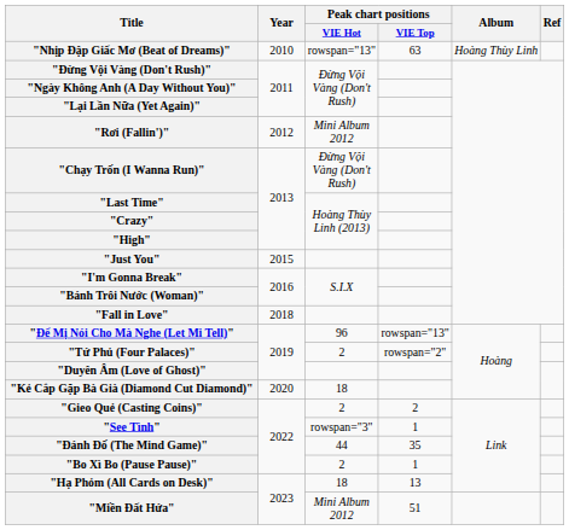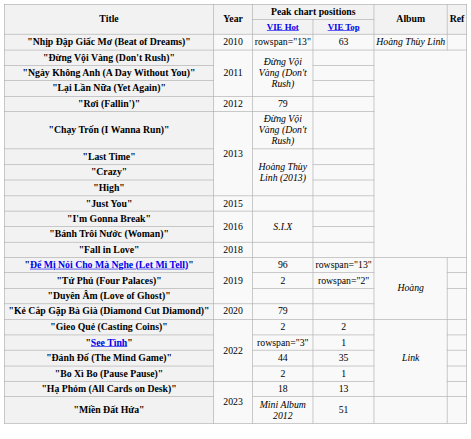 <table class="wikitable plainrowheaders" border="1" style="text-align:center;">
 <tr>
 <th scope="col" style="width:21em;" rowspan="2">Title</th>
 <th scope="col" style="width:3.5em;" rowspan="2">Year</th>
 <th colspan="2”">Peak chart positions</th>
 <th rowspan="2">Album</th>
 <th scope="col" class="unsortable" rowspan="2">Ref</th>
 </tr>
 <tr>
 <th style="width:3em;font-size:90%;"><a href='#'>VIE Hot</a><br></th>
 <th style="width:3em;font-size:90%;"><a href='#'>VIE Top</a><br></th>
 </tr>
 <tr>
 <th scope="row">"Nhịp Đập Giấc Mơ (Beat of Dreams)"</th>
 <td>2010</td>
 <td>rowspan="13" </td>
 <td>63</td>
 <td><em>Hoàng Thùy Linh</em></td>
 <td></td>
 </tr>
 <tr>
 <th scope="row">"Đừng Vội Vàng (Don't Rush)"</th>
 <td rowspan="3">2011</td>
 <td rowspan="3"><em>Đừng Vội Vàng (Don't Rush)</em></td>
 <td></td>
 </tr>
 <tr>
 <th scope="row">"Ngày Không Anh (A Day Without You)"</th>
 <td></td>
 </tr>
 <tr>
 <th scope="row">"Lại Lần Nữa (Yet Again)"</th>
 <td></td>
 </tr>
 <tr>
 <th scope="row">"Rơi (Fallin')"</th>
 <td>2012</td>
-<td><em>Mini Album 2012</em></td>
+<td>79</td>
 <td></td>
 </tr>
 <tr>
 <th scope="row">"Chạy Trốn (I Wanna Run)"</th>
 <td rowspan="4">2013</td>
 <td><em>Đừng Vội Vàng (Don't Rush)</em></td>
 <td></td>
 </tr>
 <tr>
 <th scope="row">"Last Time"</th>
 <td rowspan="3"><em>Hoàng Thùy Linh (2013)</em></td>
 <td></td>
 </tr>
 <tr>
 <th scope="row">"Crazy"</th>
 <td></td>
 </tr>
 <tr>
 <th scope="row">"High"</th>
 <td></td>
 </tr>
 <tr>
 <th scope="row">"Just You" </th>
 <td>2015</td>
 <td></td>
 <td></td>
 </tr>
 <tr>
 <th scope="row">"I'm Gonna Break"</th>
 <td rowspan="2">2016</td>
 <td rowspan="2"><em>S.I.X</em></td>
 <td></td>
 </tr>
 <tr>
 <th scope="row">"Bánh Trôi Nước (Woman)"</th>
 <td></td>
 </tr>
 <tr>
 <th scope="row">"Fall in Love" </th>
 <td>2018</td>
 <td></td>
 <td></td>
 </tr>
 <tr>
 <th scope="row">"<a href='#'>Để Mị Nói Cho Mà Nghe (Let Mi Tell)</a>"</th>
 <td rowspan="3">2019</td>
 <td>96</td>
 <td>rowspan="13" </td>
 <td rowspan="4"><em>Hoàng</em></td>
 <td></td>
 </tr>
 <tr>
 <th scope="row">"Tứ Phủ (Four Palaces)" </th>
 <td>2</td>
 <td>rowspan="2" </td>
 <td></td>
 </tr>
 <tr>
 <th scope="row">"Duyên Âm (Love of Ghost)"</th>
 <td></td>
 </tr>
 <tr>
 <th scope="row">"Kẻ Cắp Gặp Bà Già (Diamond Cut Diamond)" </th>
 <td>2020</td>
-<td>18</td>
+<td>79</td>
 <td></td>
 </tr>
 <tr>
 <th scope="row">"Gieo Quẻ (Casting Coins)" </th>
 <td rowspan="4">2022</td>
 <td>2</td>
 <td>2</td>
 <td rowspan="5"><em>Link</em></td>
 <td></td>
 </tr>
 <tr>
 <th scope="row">"<a href='#'>See Tình</a>"</th>
 <td>rowspan="3" </td>
 <td>1</td>
 <td></td>
 </tr>
 <tr>
 <th scope="row">"Đánh Đố (The Mind Game)" </th>
 <td>44</td>
 <td>35</td>
 <td></td>
 </tr>
 <tr>
 <th scope="row">"Bo Xì Bo (Pause Pause)"</th>
 <td>2</td>
 <td>1</td>
 <td></td>
 </tr>
 <tr>
 <th scope="row">"Hạ Phỏm (All Cards on Desk)"</th>
 <td rowspan="2">2023</td>
 <td>18</td>
 <td>13</td>
 <td></td>
 </tr>
 <tr>
 <th scope="row">"Miền Đất Hứa" </th>
 <td><em>Mini Album 2012</em></td>
 <td>51</td>
 <td></td>
 <td></td>
 </tr>
 </table>
